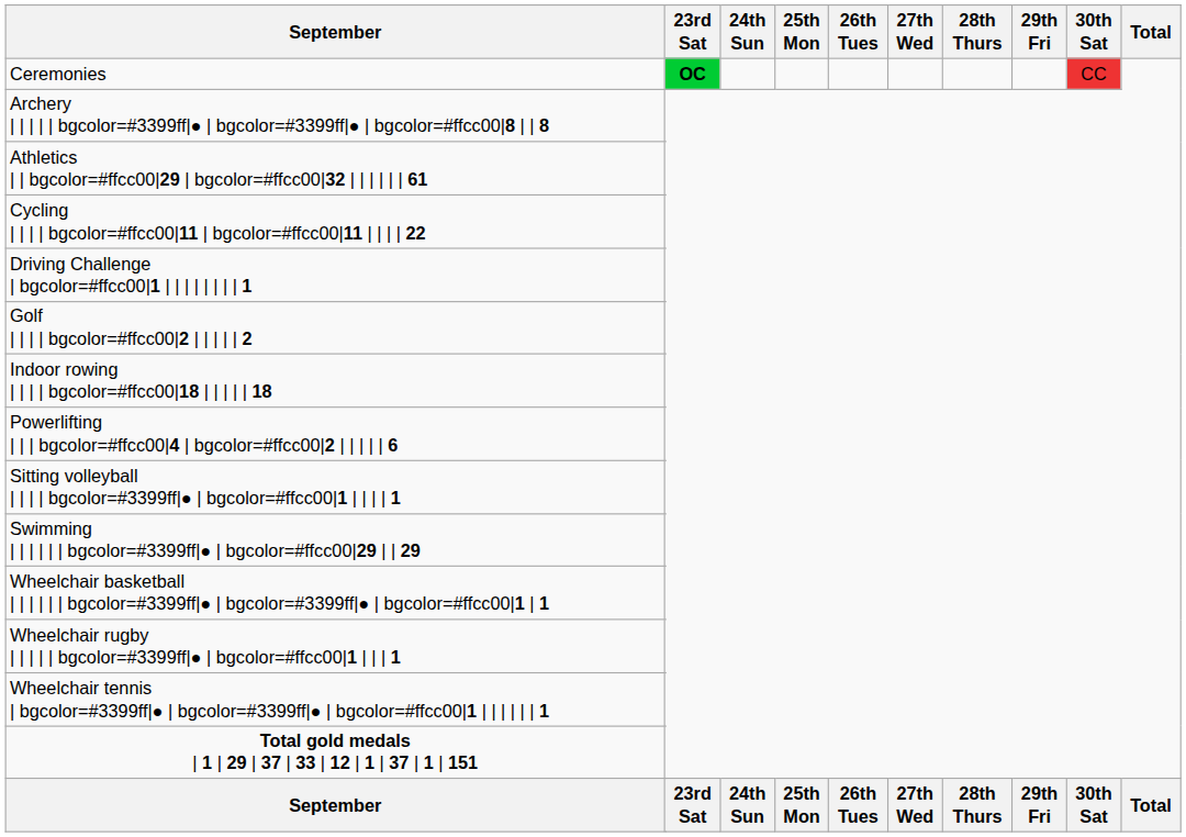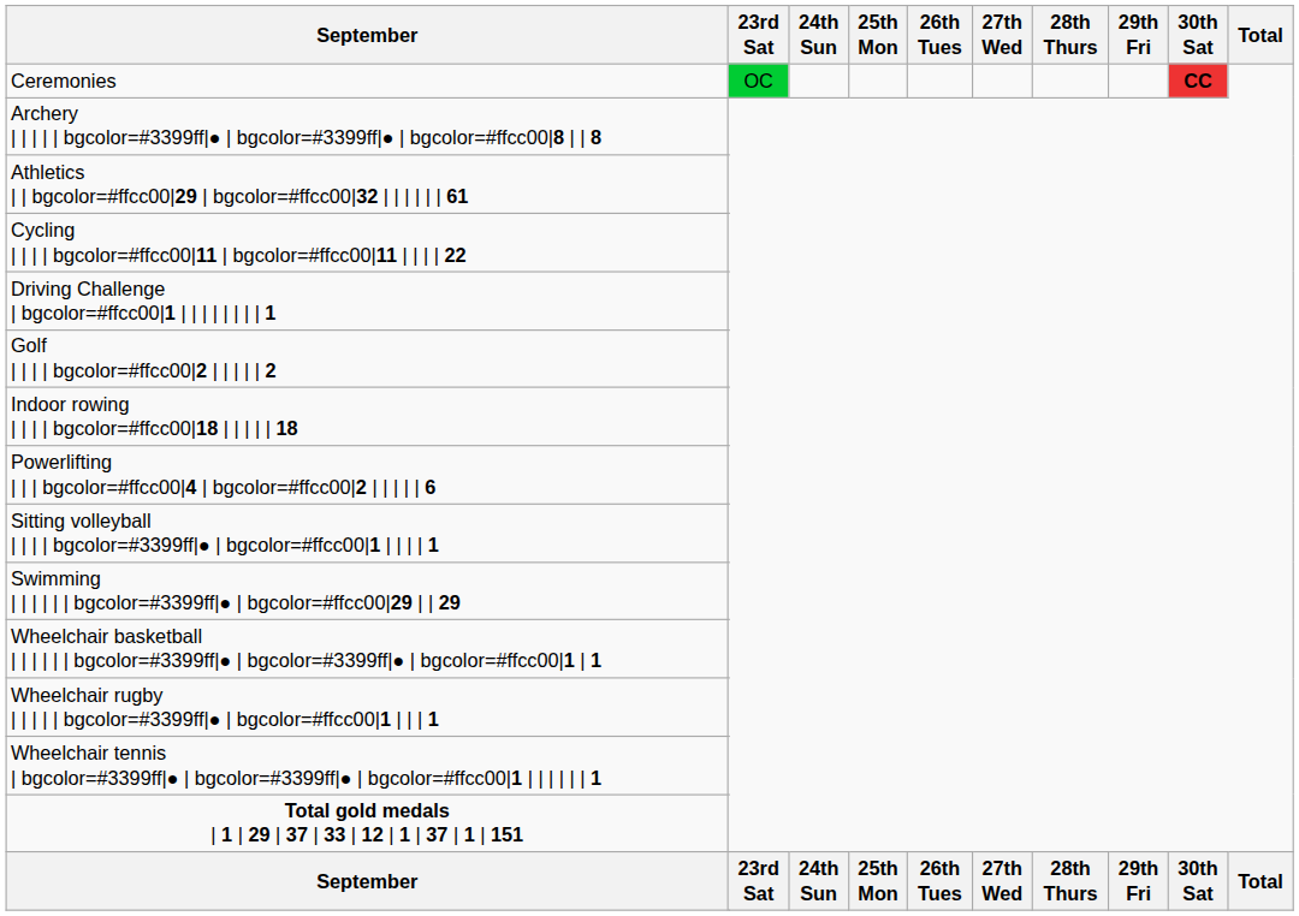 <table class="wikitable" style="margin:0.5em auto; font-size:90%; line-height:1.25em;" width=75%>
 <tr>
 <th colspan=2>September</th>
 <th>23rd<br>Sat</th>
 <th>24th<br>Sun</th>
 <th>25th<br>Mon</th>
 <th>26th<br>Tues</th>
 <th>27th<br>Wed</th>
 <th>28th<br>Thurs</th>
 <th>29th<br>Fri</th>
 <th>30th<br> Sat</th>
 <th>Total</th>
 </tr>
 <tr>
 <td colspan=2>Ceremonies</td>
-<td bgcolor=#00cc33 align=center><strong>OC</strong></td>
+<td bgcolor=#00cc33 align=center>OC</td>
 <td></td>
 <td></td>
 <td></td>
 <td></td>
 <td></td>
 <td></td>
-<td bgcolor=#ee3333 align=center>CC</td>
+<td bgcolor=#ee3333 align=center><strong>CC</strong></td>
 </tr>
 <tr align="center">
 <td colspan=2 align="left"> Archery<br>|  |   |  |  | bgcolor=#3399ff|● | bgcolor=#3399ff|● | bgcolor=#ffcc00|<strong>8</strong> |  | <strong>8</strong></td>
 </tr>
 <tr align="center">
 <td colspan=2 align="left"> Athletics<br>|  | bgcolor=#ffcc00|<strong>29</strong> | bgcolor=#ffcc00|<strong>32</strong> |  |  |  |  |  | <strong>61</strong></td>
 </tr>
 <tr align="center">
 <td colspan=2 align="left"> Cycling<br>|  |   |  | bgcolor=#ffcc00|<strong>11</strong> | bgcolor=#ffcc00|<strong>11</strong> |  |  |  | <strong>22</strong></td>
 </tr>
 <tr align="center">
 <td colspan=2 align="left">Driving Challenge<br>| bgcolor=#ffcc00|<strong>1</strong> |   |  |  |  |  |  |  | <strong>1</strong></td>
 </tr>
 <tr align="center">
 <td colspan=2 align="left"> Golf<br>|  |   |  | bgcolor=#ffcc00|<strong>2</strong> |  |  |  |  | <strong>2</strong></td>
 </tr>
 <tr align="center">
 <td colspan=2 align="left"> Indoor rowing<br>|  |   |  | bgcolor=#ffcc00|<strong>18</strong> |  |  |  |  | <strong>18</strong></td>
 </tr>
 <tr align="center">
 <td colspan=2 align="left"> Powerlifting<br>|  |   | bgcolor=#ffcc00|<strong>4</strong> | bgcolor=#ffcc00|<strong>2</strong> |  |  |  |  | <strong>6</strong></td>
 </tr>
 <tr align="center">
 <td colspan=2 align="left"> Sitting volleyball<br>|  |   |  | bgcolor=#3399ff|● | bgcolor=#ffcc00|<strong>1</strong> |  |  |  | <strong>1</strong></td>
 </tr>
 <tr align="center">
 <td colspan=2 align="left"> Swimming<br>|  |   |  |  |  | bgcolor=#3399ff|● | bgcolor=#ffcc00|<strong>29</strong> |  | <strong>29</strong></td>
 </tr>
 <tr align="center">
 <td colspan=2 align="left"> Wheelchair basketball<br>|  |   |  |  |  | bgcolor=#3399ff|● | bgcolor=#3399ff|● | bgcolor=#ffcc00|<strong>1</strong> | <strong>1</strong></td>
 </tr>
 <tr align="center">
 <td colspan=2 align="left"> Wheelchair rugby<br>|  |   |  |  | bgcolor=#3399ff|● | bgcolor=#ffcc00|<strong>1</strong> |  |  | <strong>1</strong></td>
 </tr>
 <tr align="center">
 <td colspan=2 align="left"> Wheelchair tennis<br>| bgcolor=#3399ff|● |  bgcolor=#3399ff|● | bgcolor=#ffcc00|<strong>1</strong> |  |  |  |  |  | <strong>1</strong></td>
 </tr>
 <tr align="center">
 <td colspan=2><strong>Total gold medals</strong><br>| <strong>1</strong> | <strong>29</strong> | <strong>37</strong> | <strong>33</strong> | <strong>12</strong> | <strong>1</strong> | <strong>37</strong> | <strong>1</strong> | <strong>151</strong></td>
 </tr>
 <tr>
 <th colspan=2>September</th>
 <th>23rd<br>Sat</th>
 <th>24th<br>Sun</th>
 <th>25th<br>Mon</th>
 <th>26th<br>Tues</th>
 <th>27th<br>Wed</th>
 <th>28th<br>Thurs</th>
 <th>29th<br>Fri</th>
 <th>30th<br> Sat</th>
 <th>Total</th>
 </tr>
 </table>
